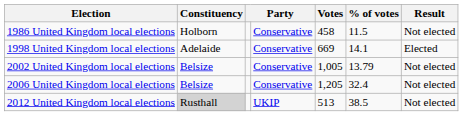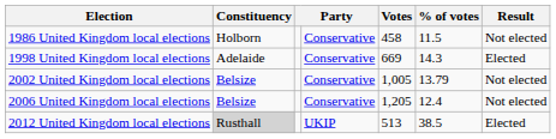 <table class="wikitable">
 <tr>
 <th>Election</th>
 <th>Constituency</th>
 <th colspan="2">Party</th>
 <th>Votes</th>
 <th>% of votes</th>
 <th>Result</th>
 </tr>
 <tr>
 <td><a href='#'>1986 United Kingdom local elections</a></td>
 <td>Holborn</td>
 <td style="background-color: "></td>
 <td><a href='#'>Conservative</a></td>
 <td>458</td>
 <td>11.5</td>
 <td>Not elected</td>
 </tr>
 <tr>
 <td><a href='#'>1998 United Kingdom local elections</a></td>
 <td>Adelaide</td>
 <td style="background-color: "></td>
 <td><a href='#'>Conservative</a></td>
 <td>669</td>
-<td>14.1</td>
+<td>14.3</td>
 <td>Elected</td>
 </tr>
 <tr>
 <td><a href='#'>2002 United Kingdom local elections</a></td>
 <td><a href='#'>Belsize</a></td>
 <td style="background-color: "></td>
 <td><a href='#'>Conservative</a></td>
 <td>1,005</td>
 <td>13.79</td>
 <td>Not elected</td>
 </tr>
 <tr>
 <td><a href='#'>2006 United Kingdom local elections</a></td>
 <td><a href='#'>Belsize</a></td>
 <td style="background-color: "></td>
 <td><a href='#'>Conservative</a></td>
 <td>1,205</td>
-<td>32.4</td>
+<td>12.4</td>
 <td>Not elected</td>
 </tr>
 <tr>
 <td><a href='#'>2012 United Kingdom local elections</a></td>
 <td style="background: lightgrey;">Rusthall</td>
 <td style="background-color: "></td>
 <td><a href='#'>UKIP</a></td>
 <td>513</td>
 <td>38.5</td>
-<td>Not elected</td>
+<td>Elected</td>
 </tr>
 </table>
